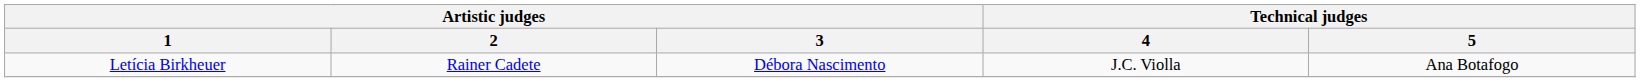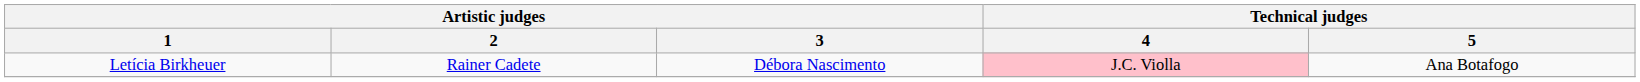 <table class="wikitable" style="font-size:100%; line-height:16px; text-align:center" width="100%">
 <tr>
 <th colspan=3>Artistic judges</th>
 <th colspan=2>Technical judges</th>
 </tr>
 <tr>
 <th style="width:20.0%;">1</th>
 <th style="width:20.0%;">2</th>
 <th style="width:20.0%;">3</th>
 <th style="width:20.0%;">4</th>
 <th style="width:20.0%;">5</th>
 </tr>
 <tr>
 <td><a href='#'>Letícia Birkheuer</a></td>
 <td><a href='#'>Rainer Cadete</a></td>
 <td><a href='#'>Débora Nascimento</a></td>
-<td>J.C. Violla</td>
+<td style="background: pink;">J.C. Violla</td>
 <td>Ana Botafogo</td>
 </tr>
 <tr>
 </tr>
 </table>
